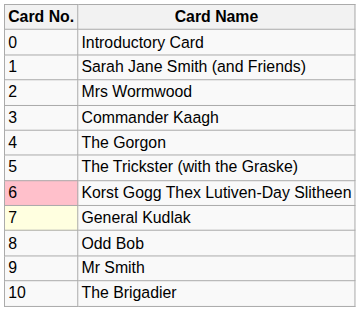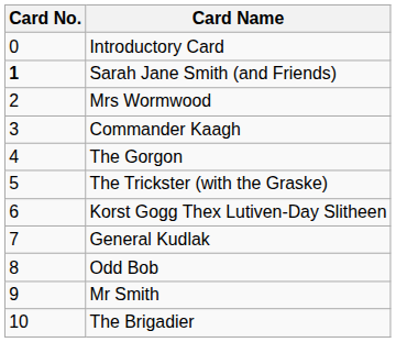 <table class="wikitable">
 <tr>
 <th>Card No.</th>
 <th>Card Name</th>
 </tr>
 <tr>
 <td>0</td>
 <td>Introductory Card</td>
 </tr>
 <tr>
-<td>1</td>
+<td><strong>1</strong></td>
 <td>Sarah Jane Smith (and Friends)</td>
 </tr>
 <tr>
 <td>2</td>
 <td>Mrs Wormwood</td>
 </tr>
 <tr>
 <td>3</td>
 <td>Commander Kaagh</td>
 </tr>
 <tr>
 <td>4</td>
 <td>The Gorgon</td>
 </tr>
 <tr>
 <td>5</td>
 <td>The Trickster (with the Graske)</td>
 </tr>
 <tr>
-<td style="background: pink;">6</td>
+<td>6</td>
 <td>Korst Gogg Thex Lutiven-Day Slitheen</td>
 </tr>
 <tr>
-<td style="background: lightyellow;">7</td>
+<td>7</td>
 <td>General Kudlak</td>
 </tr>
 <tr>
 <td>8</td>
 <td>Odd Bob</td>
 </tr>
 <tr>
 <td>9</td>
 <td>Mr Smith</td>
 </tr>
 <tr>
 <td>10</td>
 <td>The Brigadier</td>
 </tr>
 </table>
